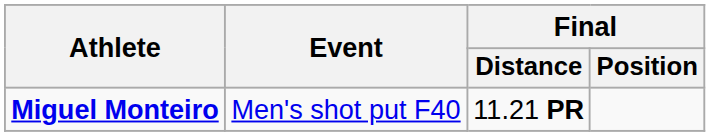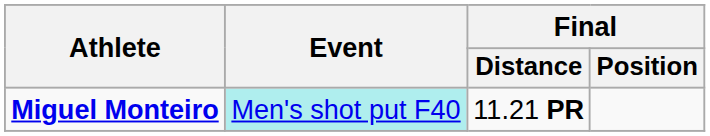 <table class=wikitable style="font-size:90%">
 <tr>
 <th rowspan="2">Athlete</th>
 <th rowspan="2">Event</th>
 <th colspan="2">Final</th>
 </tr>
 <tr style="font-size:95%">
 <th>Distance</th>
 <th>Position</th>
 </tr>
 <tr align=center>
 <td align=left><strong><a href='#'>Miguel Monteiro</a> </strong></td>
-<td align=left><a href='#'>Men's shot put F40</a></td>
+<td align=left style="background: paleturquoise;"><a href='#'>Men's shot put F40</a></td>
 <td>11.21 <strong>PR</strong></td>
 <td></td>
 </tr>
 </table>
